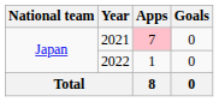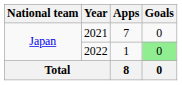 <table class="wikitable" style="text-align:center">
 <tr>
 <th>National team</th>
 <th>Year</th>
 <th>Apps</th>
 <th>Goals</th>
 </tr>
 <tr>
 <td rowspan="2"><a href='#'>Japan</a></td>
 <td>2021</td>
-<td style="background: pink;">7</td>
+<td>7</td>
 <td>0</td>
 </tr>
 <tr>
 <td>2022</td>
 <td>1</td>
-<td>0</td>
+<td style="background: lightgreen;">0</td>
 </tr>
 <tr>
 <th colspan="2">Total</th>
 <th>8</th>
 <th>0</th>
 </tr>
 </table>
